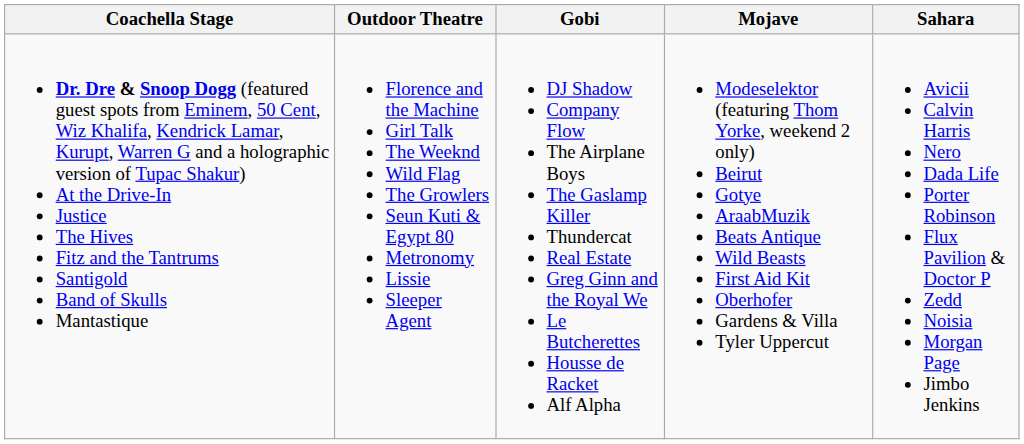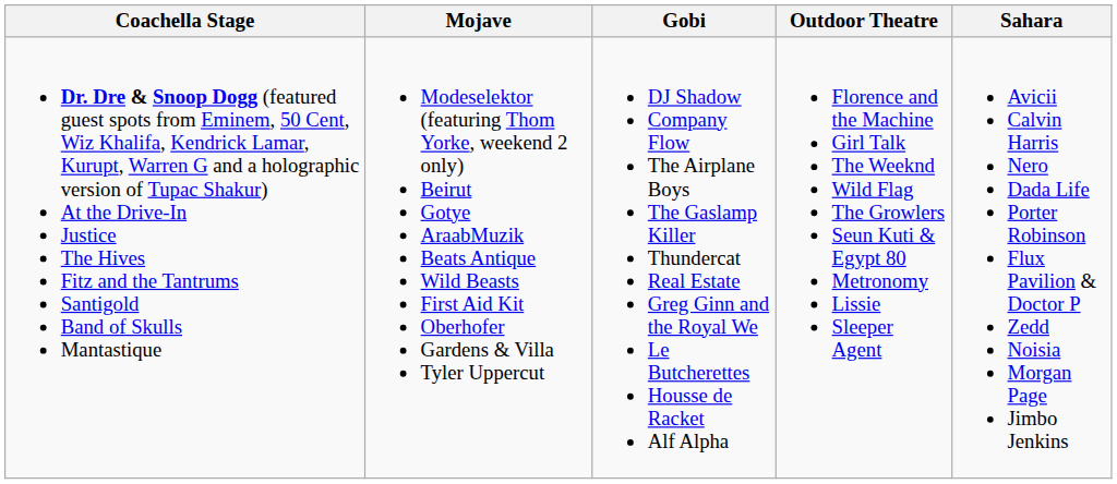 <table class="wikitable">
 <tr>
 <th>Coachella Stage</th>
+<th>Mojave</th>
+<th>Gobi</th>
 <th>Outdoor Theatre</th>
-<th>Gobi</th>
-<th>Mojave</th>
 <th>Sahara</th>
 </tr>
 <tr valign="top">
 <td><br><ul><li><strong><a href='#'>Dr. Dre</a> & <a href='#'>Snoop Dogg</a></strong> (featured guest spots from <a href='#'>Eminem</a>, <a href='#'>50 Cent</a>, <a href='#'>Wiz Khalifa</a>, <a href='#'>Kendrick Lamar</a>, <a href='#'>Kurupt</a>, <a href='#'>Warren G</a> and a holographic version of <a href='#'>Tupac Shakur</a>)</li><li><a href='#'>At the Drive-In</a></li><li><a href='#'>Justice</a></li><li><a href='#'>The Hives</a></li><li><a href='#'>Fitz and the Tantrums</a></li><li><a href='#'>Santigold</a></li><li><a href='#'>Band of Skulls</a></li><li>Mantastique</li></ul></td>
+<td><br><ul><li><a href='#'>Modeselektor</a> (featuring <a href='#'>Thom Yorke</a>, weekend 2 only)</li><li><a href='#'>Beirut</a></li><li><a href='#'>Gotye</a></li><li><a href='#'>AraabMuzik</a></li><li><a href='#'>Beats Antique</a></li><li><a href='#'>Wild Beasts</a></li><li><a href='#'>First Aid Kit</a></li><li><a href='#'>Oberhofer</a></li><li>Gardens & Villa</li><li>Tyler Uppercut</li></ul></td>
+<td><br><ul><li><a href='#'>DJ Shadow</a></li><li><a href='#'>Company Flow</a></li><li>The Airplane Boys</li><li><a href='#'>The Gaslamp Killer</a></li><li>Thundercat</li><li><a href='#'>Real Estate</a></li><li><a href='#'>Greg Ginn and the Royal We</a></li><li><a href='#'>Le Butcherettes</a></li><li><a href='#'>Housse de Racket</a></li><li>Alf Alpha</li></ul></td>
 <td><br><ul><li><a href='#'>Florence and the Machine</a></li><li><a href='#'>Girl Talk</a></li><li><a href='#'>The Weeknd</a></li><li><a href='#'>Wild Flag</a></li><li><a href='#'>The Growlers</a></li><li><a href='#'>Seun Kuti & Egypt 80</a></li><li><a href='#'>Metronomy</a></li><li><a href='#'>Lissie</a></li><li><a href='#'>Sleeper Agent</a></li></ul></td>
-<td><br><ul><li><a href='#'>DJ Shadow</a></li><li><a href='#'>Company Flow</a></li><li>The Airplane Boys</li><li><a href='#'>The Gaslamp Killer</a></li><li>Thundercat</li><li><a href='#'>Real Estate</a></li><li><a href='#'>Greg Ginn and the Royal We</a></li><li><a href='#'>Le Butcherettes</a></li><li><a href='#'>Housse de Racket</a></li><li>Alf Alpha</li></ul></td>
-<td><br><ul><li><a href='#'>Modeselektor</a> (featuring <a href='#'>Thom Yorke</a>, weekend 2 only)</li><li><a href='#'>Beirut</a></li><li><a href='#'>Gotye</a></li><li><a href='#'>AraabMuzik</a></li><li><a href='#'>Beats Antique</a></li><li><a href='#'>Wild Beasts</a></li><li><a href='#'>First Aid Kit</a></li><li><a href='#'>Oberhofer</a></li><li>Gardens & Villa</li><li>Tyler Uppercut</li></ul></td>
 <td><br><ul><li><a href='#'>Avicii</a></li><li><a href='#'>Calvin Harris</a></li><li><a href='#'>Nero</a></li><li><a href='#'>Dada Life</a></li><li><a href='#'>Porter Robinson</a></li><li><a href='#'>Flux Pavilion</a> & <a href='#'>Doctor P</a></li><li><a href='#'>Zedd</a></li><li><a href='#'>Noisia</a></li><li><a href='#'>Morgan Page</a></li><li>Jimbo Jenkins</li></ul></td>
 </tr>
 </table>
